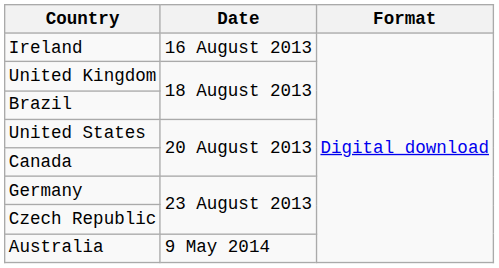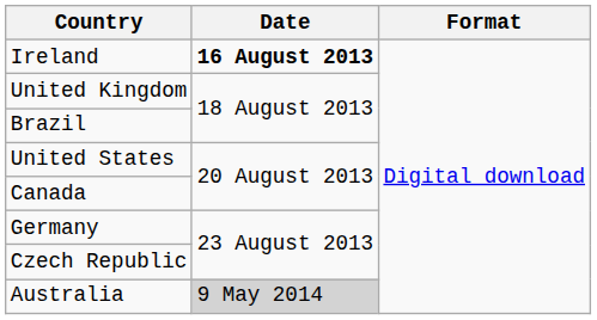 <table class="wikitable plainrowheaders">
 <tr>
 <th scope="col">Country</th>
 <th scope="col">Date</th>
 <th scope="col">Format</th>
 </tr>
 <tr>
 <td>Ireland</td>
-<td>16 August 2013</td>
+<td><strong>16 August 2013</strong></td>
 <td rowspan="8"><a href='#'>Digital download</a></td>
 </tr>
 <tr>
 <td>United Kingdom</td>
 <td rowspan="2">18 August 2013</td>
 </tr>
 <tr>
 <td>Brazil</td>
 </tr>
 <tr>
 <td>United States</td>
 <td rowspan="2">20 August 2013</td>
 </tr>
 <tr>
 <td>Canada</td>
 </tr>
 <tr>
 <td>Germany</td>
 <td rowspan="2">23 August 2013</td>
 </tr>
 <tr>
 <td>Czech Republic</td>
 </tr>
 <tr>
 <td>Australia</td>
-<td>9 May 2014</td>
+<td style="background: lightgrey;">9 May 2014</td>
 </tr>
 </table>
